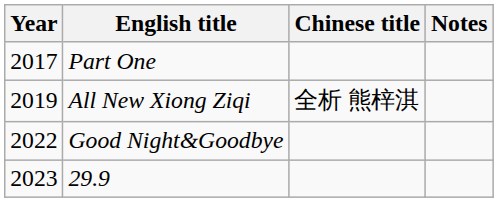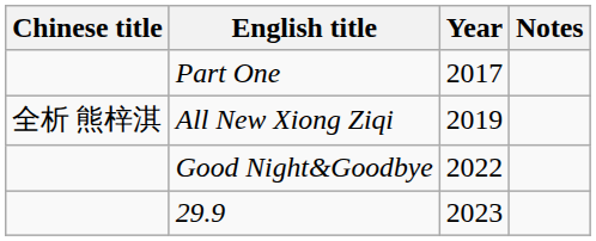 <table class="wikitable sortable">
 <tr>
+<th>Chinese title</th>
+<th>English title</th>
 <th>Year</th>
-<th>English title</th>
-<th>Chinese title</th>
 <th>Notes</th>
 </tr>
 <tr>
+<td></td>
+<td><em>Part One</em></td>
 <td>2017</td>
-<td><em>Part One</em></td>
-<td></td>
 <td></td>
 </tr>
 <tr>
+<td>全析 熊梓淇</td>
+<td><em>All New Xiong Ziqi</em></td>
 <td>2019</td>
-<td><em>All New Xiong Ziqi</em></td>
-<td>全析 熊梓淇</td>
 <td></td>
 </tr>
 <tr>
+<td></td>
+<td><em>Good Night&Goodbye</em></td>
 <td>2022</td>
-<td><em>Good Night&Goodbye</em></td>
-<td></td>
 <td></td>
 </tr>
 <tr>
+<td></td>
+<td><em>29.9</em></td>
 <td>2023</td>
-<td><em>29.9</em></td>
-<td></td>
 <td></td>
 </tr>
 </table>
